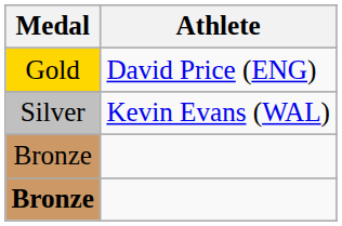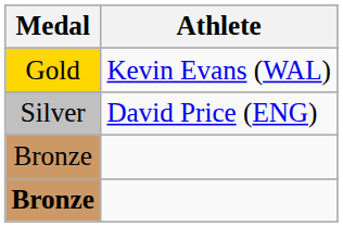 <table class="wikitable">
 <tr>
 <th>Medal</th>
 <th>Athlete</th>
 </tr>
 <tr>
 <td style="text-align:center;background-color:gold;">Gold</td>
-<td> <a href='#'>David Price</a> (<a href='#'>ENG</a>)</td>
+<td> <a href='#'>Kevin Evans</a> (<a href='#'>WAL</a>)</td>
 </tr>
 <tr>
 <td style="text-align:center;background-color:silver;">Silver</td>
-<td> <a href='#'>Kevin Evans</a> (<a href='#'>WAL</a>)</td>
+<td> <a href='#'>David Price</a> (<a href='#'>ENG</a>)</td>
 </tr>
 <tr>
 <td style="text-align:center;background-color:#cc9966;">Bronze</td>
 <td></td>
 </tr>
 <tr>
 <td style="text-align:center;background-color:#cc9966;"><strong>Bronze</strong></td>
 <td></td>
 </tr>
 </table>
